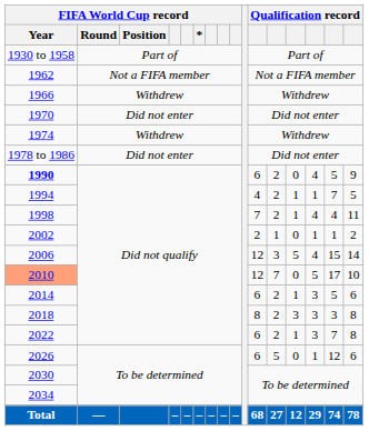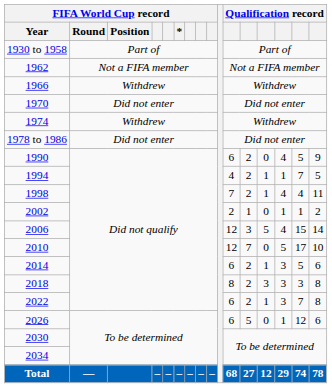 <table class="wikitable" style="text-align: center;">
 <tr>
 <th colspan=9><a href='#'>FIFA World Cup</a> record</th>
 <th rowspan="39"></th>
 <th colspan=6><a href='#'>Qualification</a> record</th>
 </tr>
 <tr>
 <th>Year</th>
 <th>Round</th>
 <th>Position</th>
 <th></th>
 <th></th>
 <th>*</th>
 <th></th>
 <th></th>
 <th></th>
 <th></th>
 <th></th>
 <th></th>
 <th></th>
 <th></th>
 <th></th>
 </tr>
 <tr>
 <td><a href='#'>1930</a> to <a href='#'>1958</a></td>
 <td colspan=8><em> Part of  </em></td>
 <td colspan=8><em> Part of  </em></td>
 </tr>
 <tr>
 <td> <a href='#'>1962</a></td>
 <td colspan=8><em>Not a FIFA member</em></td>
 <td colspan=6><em>Not a FIFA member</em></td>
 </tr>
 <tr>
 <td> <a href='#'>1966</a></td>
 <td colspan=8><em>Withdrew</em></td>
 <td colspan=6><em>Withdrew</em></td>
 </tr>
 <tr>
 <td> <a href='#'>1970</a></td>
 <td colspan=8><em>Did not enter</em></td>
 <td colspan=6><em>Did not enter</em></td>
 </tr>
 <tr>
 <td> <a href='#'>1974</a></td>
 <td colspan=8><em>Withdrew</em></td>
 <td colspan=6><em>Withdrew</em></td>
 </tr>
 <tr>
 <td><a href='#'>1978</a> to <a href='#'>1986</a></td>
 <td colspan=8><em>Did not enter</em></td>
 <td colspan=6><em>Did not enter</em></td>
 </tr>
 <tr>
-<td><strong> <a href='#'>1990</a></strong></td>
+<td> <a href='#'>1990</a></td>
 <td colspan=8 rowspan=9><em>Did not qualify</em></td>
 <td>6</td>
 <td>2</td>
 <td>0</td>
 <td>4</td>
 <td>5</td>
 <td>9</td>
 </tr>
 <tr>
 <td> <a href='#'>1994</a></td>
 <td>4</td>
 <td>2</td>
 <td>1</td>
 <td>1</td>
 <td>7</td>
 <td>5</td>
 </tr>
 <tr>
 <td> <a href='#'>1998</a></td>
 <td>7</td>
 <td>2</td>
 <td>1</td>
 <td>4</td>
 <td>4</td>
 <td>11</td>
 </tr>
 <tr>
 <td>  <a href='#'>2002</a></td>
 <td>2</td>
 <td>1</td>
 <td>0</td>
 <td>1</td>
 <td>1</td>
 <td>2</td>
 </tr>
 <tr>
 <td> <a href='#'>2006</a></td>
 <td>12</td>
 <td>3</td>
 <td>5</td>
 <td>4</td>
 <td>15</td>
 <td>14</td>
 </tr>
 <tr>
-<td style="background: lightsalmon;"> <a href='#'>2010</a></td>
+<td> <a href='#'>2010</a></td>
 <td>12</td>
 <td>7</td>
 <td>0</td>
 <td>5</td>
 <td>17</td>
 <td>10</td>
 </tr>
 <tr>
 <td> <a href='#'>2014</a></td>
 <td>6</td>
 <td>2</td>
 <td>1</td>
 <td>3</td>
 <td>5</td>
 <td>6</td>
 </tr>
 <tr>
 <td> <a href='#'>2018</a></td>
 <td>8</td>
 <td>2</td>
 <td>3</td>
 <td>3</td>
 <td>3</td>
 <td>8</td>
 </tr>
 <tr>
 <td> <a href='#'>2022</a></td>
 <td>6</td>
 <td>2</td>
 <td>1</td>
 <td>3</td>
 <td>7</td>
 <td>8</td>
 </tr>
 <tr>
 <td>   <a href='#'>2026</a></td>
 <td colspan=8 rowspan=3><em>To be determined</em></td>
 <td>6</td>
 <td>5</td>
 <td>0</td>
 <td>1</td>
 <td>12</td>
 <td>6</td>
 </tr>
 <tr>
 <td>   <a href='#'>2030</a></td>
 <td colspan=6 rowspan=2><em>To be determined</em></td>
 </tr>
 <tr>
 <td> <a href='#'>2034</a></td>
 </tr>
 <tr>
 </tr>
 <tr style="color:white;">
 <th style="background:#0066bc;"><strong>Total</strong></th>
 <th style="background:#0066bc;"><strong>—</strong></th>
 <th style="background:#0066bc;"><strong></strong></th>
 <th style="background:#0066bc;"><strong>–</strong></th>
 <th style="background:#0066bc;"><strong>–</strong></th>
 <th style="background:#0066bc;"><strong>–</strong></th>
 <th style="background:#0066bc;"><strong>–</strong></th>
 <th style="background:#0066bc;"><strong>–</strong></th>
 <th style="background:#0066bc;"><strong>–</strong></th>
 <th style="background:#0066bc;"><strong>68</strong></th>
 <th style="background:#0066bc;"><strong>27</strong></th>
 <th style="background:#0066bc;"><strong>12</strong></th>
 <th style="background:#0066bc;"><strong>29</strong></th>
 <th style="background:#0066bc;"><strong>74</strong></th>
 <th style="background:#0066bc;"><strong>78</strong></th>
 </tr>
 </table>
